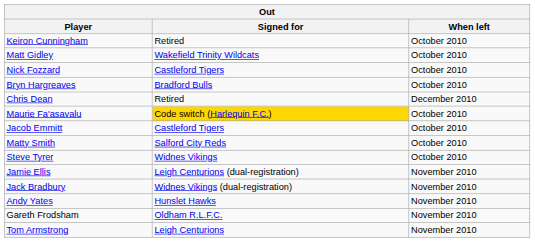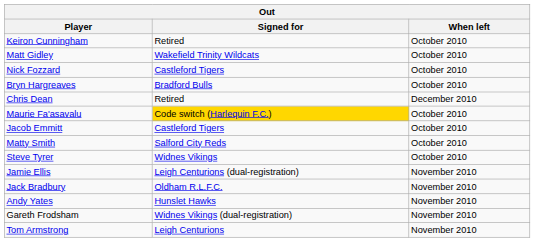 <table class="wikitable"  style="width:65%; font-size:90%;">
 <tr style="background:#efefef;">
 <th colspan=11>Out</th>
 </tr>
 <tr>
 <th>Player</th>
 <th>Signed for</th>
 <th>When left</th>
 </tr>
 <tr>
 <td><a href='#'>Keiron Cunningham</a></td>
 <td>Retired</td>
 <td>October 2010</td>
 </tr>
 <tr>
 <td><a href='#'>Matt Gidley</a></td>
 <td><a href='#'>Wakefield Trinity Wildcats</a></td>
 <td>October 2010</td>
 </tr>
 <tr>
 <td><a href='#'>Nick Fozzard</a></td>
 <td><a href='#'>Castleford Tigers</a></td>
 <td>October 2010</td>
 </tr>
 <tr>
 <td><a href='#'>Bryn Hargreaves</a></td>
 <td><a href='#'>Bradford Bulls</a></td>
 <td>October 2010</td>
 </tr>
 <tr>
 <td><a href='#'>Chris Dean</a></td>
 <td>Retired</td>
 <td>December 2010</td>
 </tr>
 <tr>
 <td><a href='#'>Maurie Fa'asavalu</a></td>
 <td style="background: gold;">Code switch (<a href='#'>Harlequin F.C.</a>)</td>
 <td>October 2010</td>
 </tr>
 <tr>
 <td><a href='#'>Jacob Emmitt</a></td>
 <td><a href='#'>Castleford Tigers</a></td>
 <td>October 2010</td>
 </tr>
 <tr>
 <td><a href='#'>Matty Smith</a></td>
 <td><a href='#'>Salford City Reds</a></td>
 <td>October 2010</td>
 </tr>
 <tr>
 <td><a href='#'>Steve Tyrer</a></td>
 <td><a href='#'>Widnes Vikings</a></td>
 <td>October 2010</td>
 </tr>
 <tr>
 <td><a href='#'>Jamie Ellis</a></td>
 <td><a href='#'>Leigh Centurions</a> (dual-registration)</td>
 <td>November 2010</td>
 </tr>
 <tr>
 <td><a href='#'>Jack Bradbury</a></td>
-<td><a href='#'>Widnes Vikings</a> (dual-registration)</td>
+<td><a href='#'>Oldham R.L.F.C.</a></td>
 <td>November 2010</td>
 </tr>
 <tr>
 <td><a href='#'>Andy Yates</a></td>
 <td><a href='#'>Hunslet Hawks</a></td>
 <td>November 2010</td>
 </tr>
 <tr>
 <td>Gareth Frodsham</td>
-<td><a href='#'>Oldham R.L.F.C.</a></td>
+<td><a href='#'>Widnes Vikings</a> (dual-registration)</td>
 <td>November 2010</td>
 </tr>
 <tr>
 <td><a href='#'>Tom Armstrong</a></td>
 <td><a href='#'>Leigh Centurions</a></td>
 <td>November 2010</td>
 </tr>
 </table>
